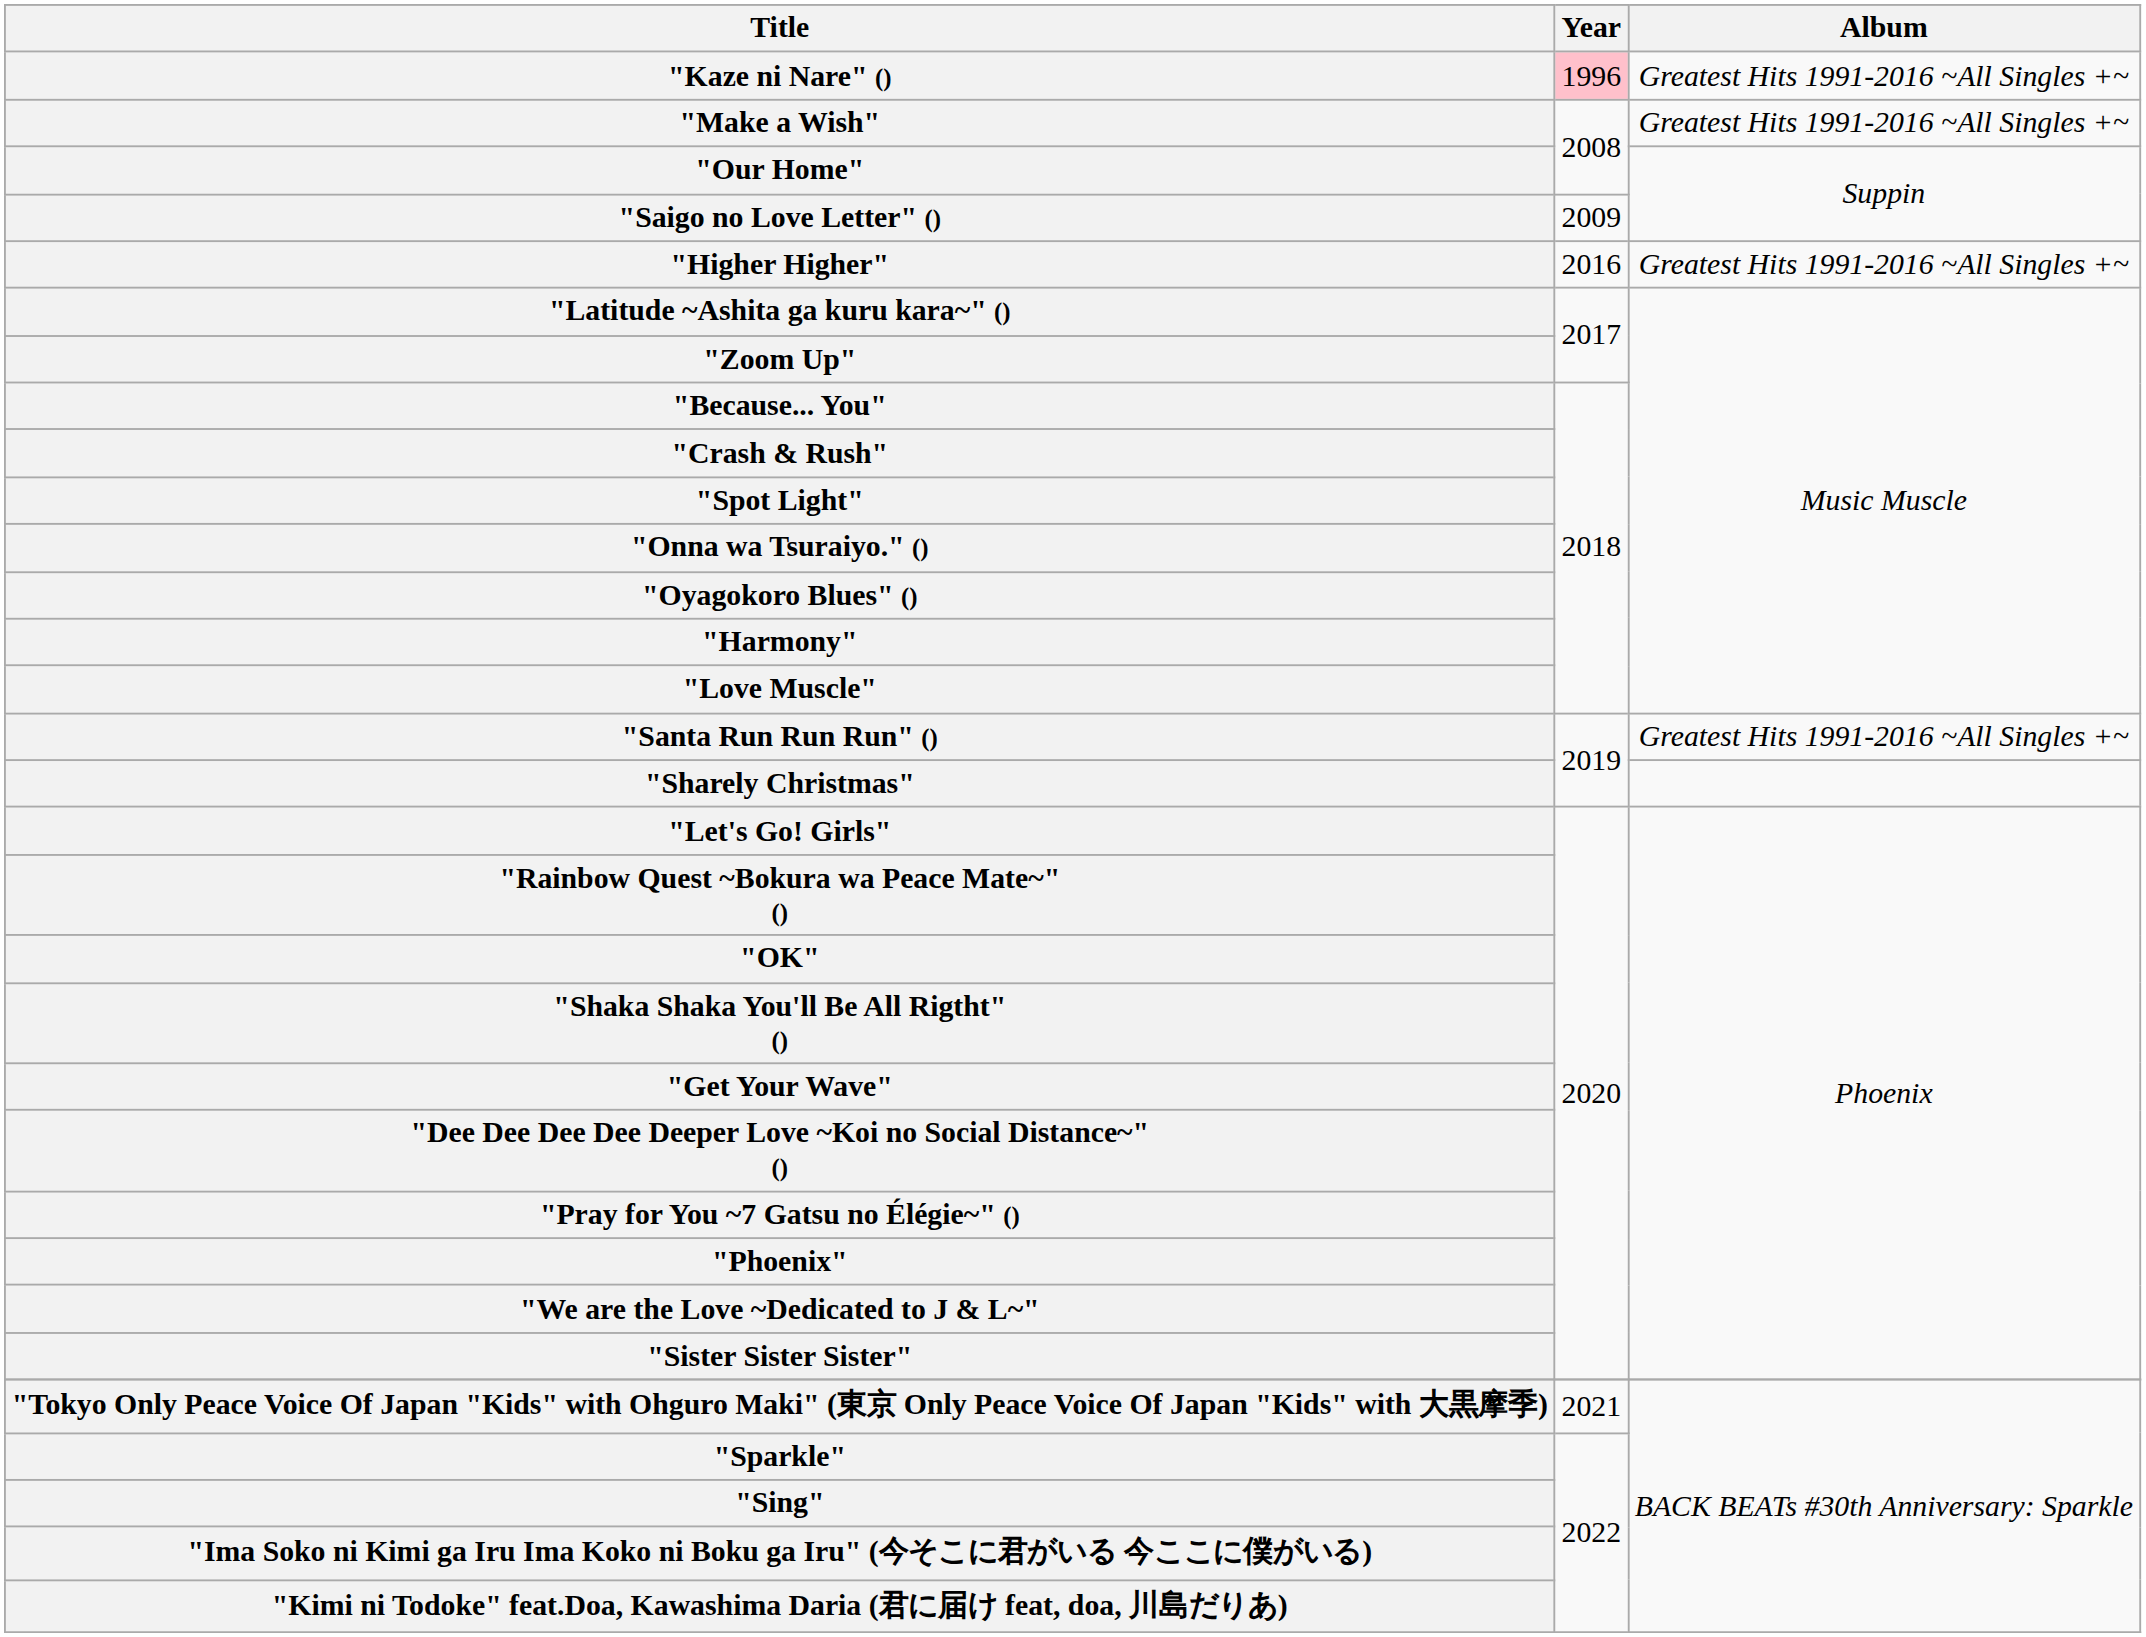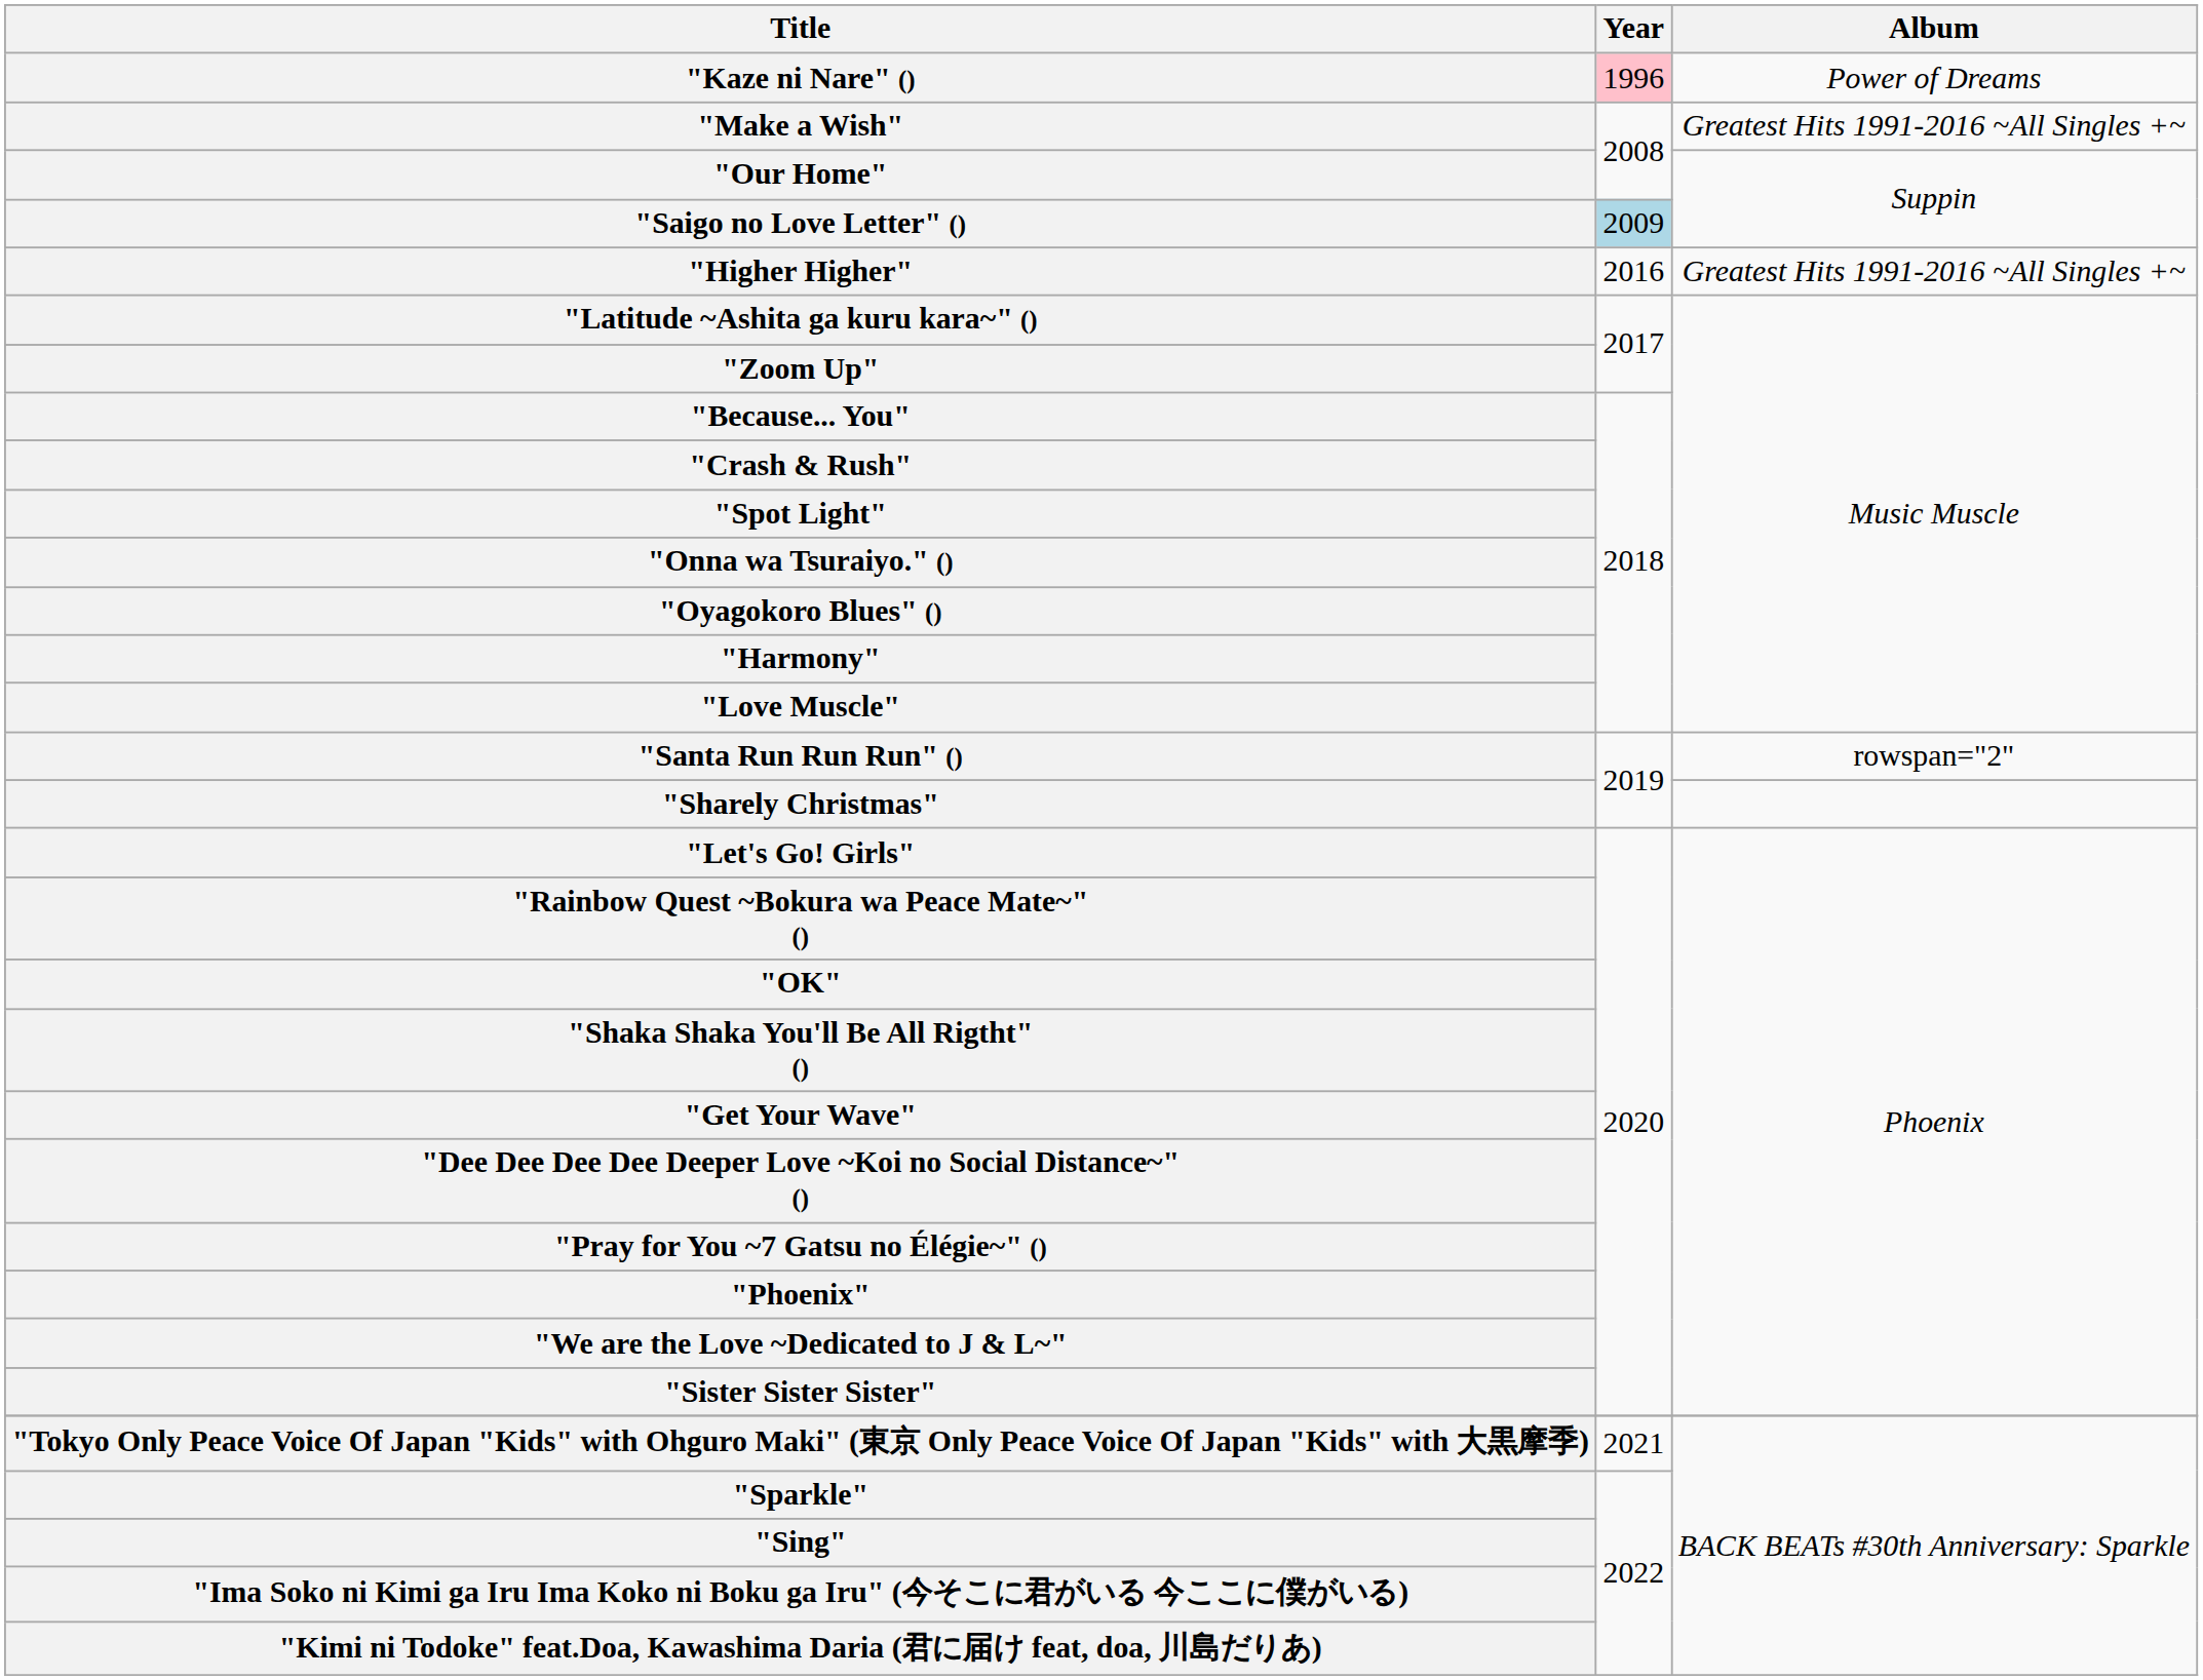 <table class="wikitable plainrowheaders" style="text-align:center;">
 <tr>
 <th scope="col">Title</th>
 <th scope="col">Year</th>
 <th scope="col">Album</th>
 </tr>
 <tr>
 <th scope="row">"Kaze ni Nare" <small>()</small></th>
 <td style="background: pink;">1996</td>
-<td><em>Greatest Hits 1991-2016 ~All Singles +~</em></td>
+<td><em>Power of Dreams</em></td>
 </tr>
 <tr>
 <th scope="row">"Make a Wish"</th>
 <td rowspan="2">2008</td>
 <td><em>Greatest Hits 1991-2016 ~All Singles +~</em></td>
 </tr>
 <tr>
 <th scope="row">"Our Home"</th>
 <td rowspan="2"><em>Suppin</em></td>
 </tr>
 <tr>
 <th scope="row">"Saigo no Love Letter" <small>()</small></th>
-<td>2009</td>
+<td style="background: lightblue;">2009</td>
 </tr>
 <tr>
 <th scope="row">"Higher Higher"</th>
 <td>2016</td>
 <td><em>Greatest Hits 1991-2016 ~All Singles +~</em></td>
 </tr>
 <tr>
 <th scope="row">"Latitude ~Ashita ga kuru kara~" <small>()</small></th>
 <td rowspan="2">2017</td>
 <td rowspan="9"><em>Music Muscle</em></td>
 </tr>
 <tr>
 <th scope="row">"Zoom Up" </th>
 </tr>
 <tr>
 <th scope="row">"Because... You"</th>
 <td rowspan="7">2018</td>
 </tr>
 <tr>
 <th scope="row">"Crash & Rush" </th>
 </tr>
 <tr>
 <th scope="row">"Spot Light"</th>
 </tr>
 <tr>
 <th scope="row">"Onna wa Tsuraiyo." <small>()</small></th>
 </tr>
 <tr>
 <th scope="row">"Oyagokoro Blues" <small>()</small></th>
 </tr>
 <tr>
 <th scope="row">"Harmony"</th>
 </tr>
 <tr>
 <th scope="row">"Love Muscle"</th>
 </tr>
 <tr>
 <th scope="row">"Santa Run Run Run" <small>()</small></th>
 <td rowspan="2">2019</td>
-<td><em>Greatest Hits 1991-2016 ~All Singles +~</em></td>
+<td>rowspan="2" </td>
 </tr>
 <tr>
 <th scope="row">"Sharely Christmas" </th>
 </tr>
 <tr>
 <th scope="row">"Let's Go! Girls"</th>
 <td rowspan="10">2020</td>
 <td rowspan="10"><em>Phoenix</em></td>
 </tr>
 <tr>
 <th scope="row">"Rainbow Quest ~Bokura wa Peace Mate~" <br><small>()</small></th>
 </tr>
 <tr>
 <th scope="row">"OK"</th>
 </tr>
 <tr>
 <th scope="row">"Shaka Shaka You'll Be All Rigtht" <br><small>()</small></th>
 </tr>
 <tr>
 <th scope="row">"Get Your Wave"<br></th>
 </tr>
 <tr>
 <th scope="row">"Dee Dee Dee Dee Deeper Love ~Koi no Social Distance~" <br><small>()</small></th>
 </tr>
 <tr>
 <th scope="row">"Pray for You ~7 Gatsu no Élégie~" <small>()</small></th>
 </tr>
 <tr>
 <th scope="row">"Phoenix"</th>
 </tr>
 <tr>
 <th scope="row">"We are the Love ~Dedicated to J & L~"</th>
 </tr>
 <tr>
 <th scope="row">"Sister Sister Sister"</th>
 </tr>
 <tr>
 </tr>
 <tr>
 </tr>
 <tr>
 <th scope="row">"Tokyo Only Peace Voice Of Japan "Kids" with Ohguro Maki" (東京 Only Peace Voice Of Japan "Kids" with 大黒摩季)</th>
 <td>2021</td>
 <td rowspan="5"><em>BACK BEATs #30th Anniversary: Sparkle</em></td>
 </tr>
 <tr>
 <th scope="row">"Sparkle"</th>
 <td rowspan="4">2022</td>
 </tr>
 <tr>
 <th scope="row">"Sing"</th>
 </tr>
 <tr>
 <th scope="row">"Ima Soko ni Kimi ga Iru Ima Koko ni Boku ga Iru" (今そこに君がいる 今ここに僕がいる)</th>
 </tr>
 <tr>
 <th scope="row">"Kimi ni Todoke" feat.Doa, Kawashima Daria (君に届け feat, doa, 川島だりあ)</th>
 </tr>
 <tr>
 </tr>
 <tr>
 </tr>
 </table>
